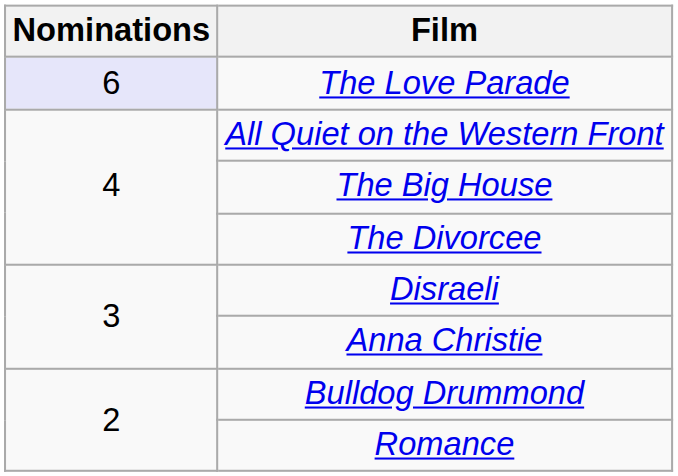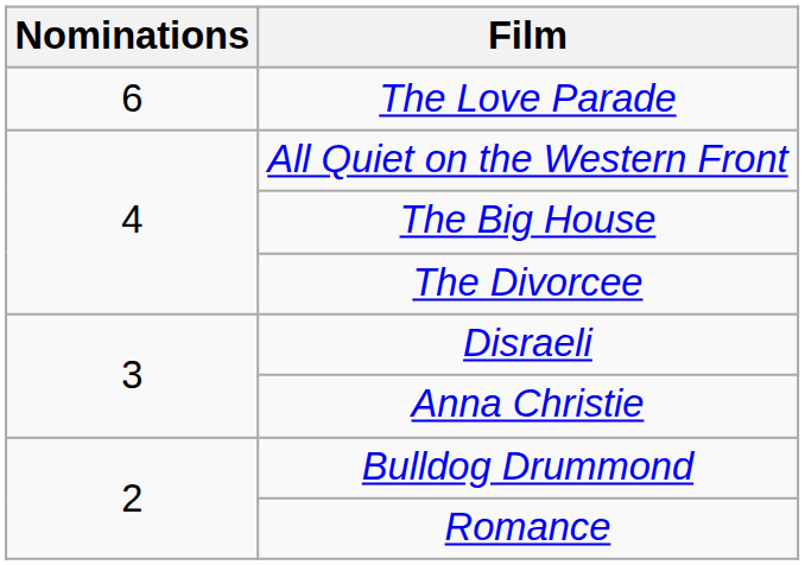 <table class="wikitable plainrowheaders" style="text-align: center; float:left; margin-right:1em;">
 <tr>
 <th scope="col" style="width:55px;">Nominations</th>
 <th scope="col" style="text-align:center;">Film</th>
 </tr>
 <tr>
-<td style="background: lavender;">6</td>
+<td>6</td>
 <td><em><a href='#'>The Love Parade</a></em></td>
 </tr>
 <tr>
 <td scope="row" rowspan="3" style="text-align:center">4</td>
 <td><em><a href='#'>All Quiet on the Western Front</a></em></td>
 </tr>
 <tr>
 <td><em><a href='#'>The Big House</a></em></td>
 </tr>
 <tr>
 <td><em><a href='#'>The Divorcee</a></em></td>
 </tr>
 <tr>
 <td scope="row" rowspan="2" style="text-align:center">3</td>
 <td><em><a href='#'>Disraeli</a></em></td>
 </tr>
 <tr>
 <td><em><a href='#'>Anna Christie</a></em></td>
 </tr>
 <tr>
 <td scope="row" rowspan="2" style="text-align:center">2</td>
 <td><em><a href='#'>Bulldog Drummond</a></em></td>
 </tr>
 <tr>
 <td><em><a href='#'>Romance</a></em></td>
 </tr>
 </table>
